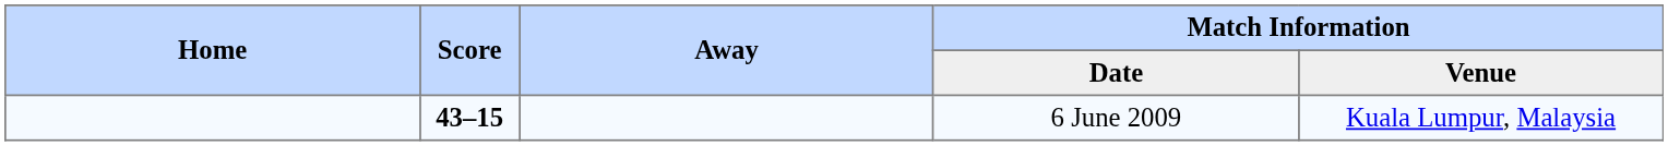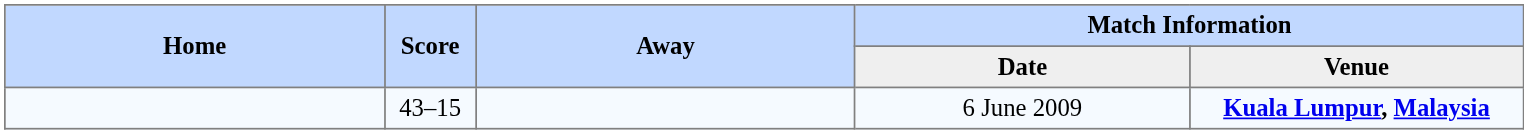 <table border=1 style="border-collapse:collapse; font-size:90%; text-align:center;" cellpadding=3 cellspacing=0 width=100%>
 <tr bgcolor=#C1D8FF>
 <th rowspan=2 width=25%>Home</th>
 <th rowspan=2 width=6%>Score</th>
 <th rowspan=2 width=25%>Away</th>
 <th colspan=6>Match Information</th>
 </tr>
 <tr bgcolor=#EFEFEF>
 <th width=22%>Date</th>
 <th width=22%>Venue</th>
 </tr>
 <tr bgcolor=#F5FAFF>
 <td align=right><strong></strong></td>
-<td><strong>43–15</strong></td>
+<td>43–15</td>
 <td align=left></td>
 <td>6 June 2009</td>
-<td><a href='#'>Kuala Lumpur</a>, <a href='#'>Malaysia</a></td>
+<td><strong><a href='#'>Kuala Lumpur</a>, <a href='#'>Malaysia</a></strong></td>
 </tr>
 </table>
